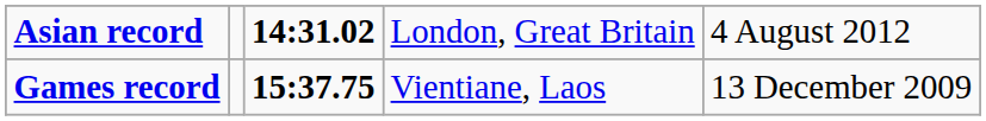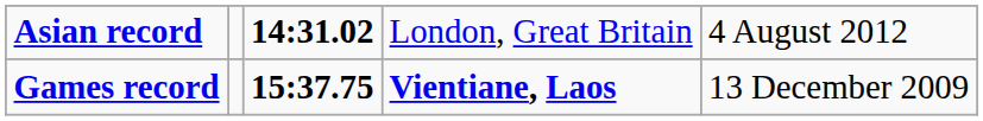 <table class="wikitable">
 <tr>
 <td><strong><a href='#'>Asian record</a></strong></td>
 <td></td>
 <td><strong>14:31.02</strong></td>
 <td><a href='#'>London</a>, <a href='#'>Great Britain</a></td>
 <td>4 August 2012</td>
 </tr>
 <tr>
 <td><strong><a href='#'>Games record</a></strong></td>
 <td></td>
 <td><strong>15:37.75</strong></td>
-<td><a href='#'>Vientiane</a>, <a href='#'>Laos</a></td>
+<td><strong><a href='#'>Vientiane</a>, <a href='#'>Laos</a></strong></td>
 <td>13 December 2009</td>
 </tr>
 </table>
